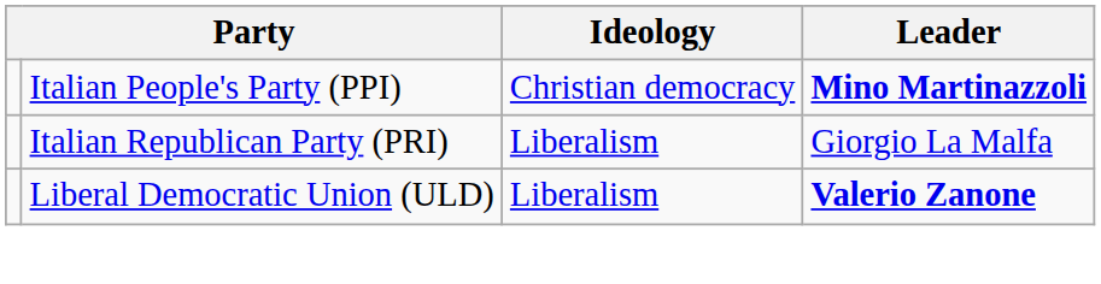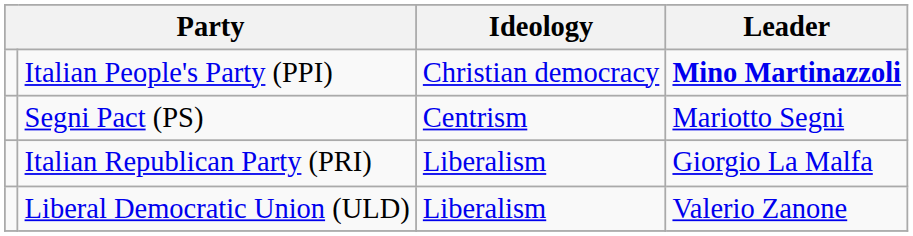 <table class=wikitable style=text-align:left>
 <tr>
 <th colspan=2>Party</th>
 <th>Ideology</th>
 <th>Leader</th>
 </tr>
 <tr>
 <td></td>
 <td><a href='#'>Italian People's Party</a> (PPI)</td>
 <td><a href='#'>Christian democracy</a></td>
 <td><strong><a href='#'>Mino Martinazzoli</a></strong></td>
 </tr>
 <tr>
 <td></td>
+<td><a href='#'>Segni Pact</a> (PS)</td>
+<td><a href='#'>Centrism</a></td>
+<td><a href='#'>Mariotto Segni</a></td>
+</tr>
+<tr>
+<td></td>
 <td><a href='#'>Italian Republican Party</a> (PRI)</td>
 <td><a href='#'>Liberalism</a></td>
 <td><a href='#'>Giorgio La Malfa</a></td>
 </tr>
 <tr>
 <td></td>
 <td><a href='#'>Liberal Democratic Union</a> (ULD)</td>
 <td><a href='#'>Liberalism</a></td>
-<td><strong><a href='#'>Valerio Zanone</a></strong></td>
+<td><a href='#'>Valerio Zanone</a></td>
 </tr>
 </table>
